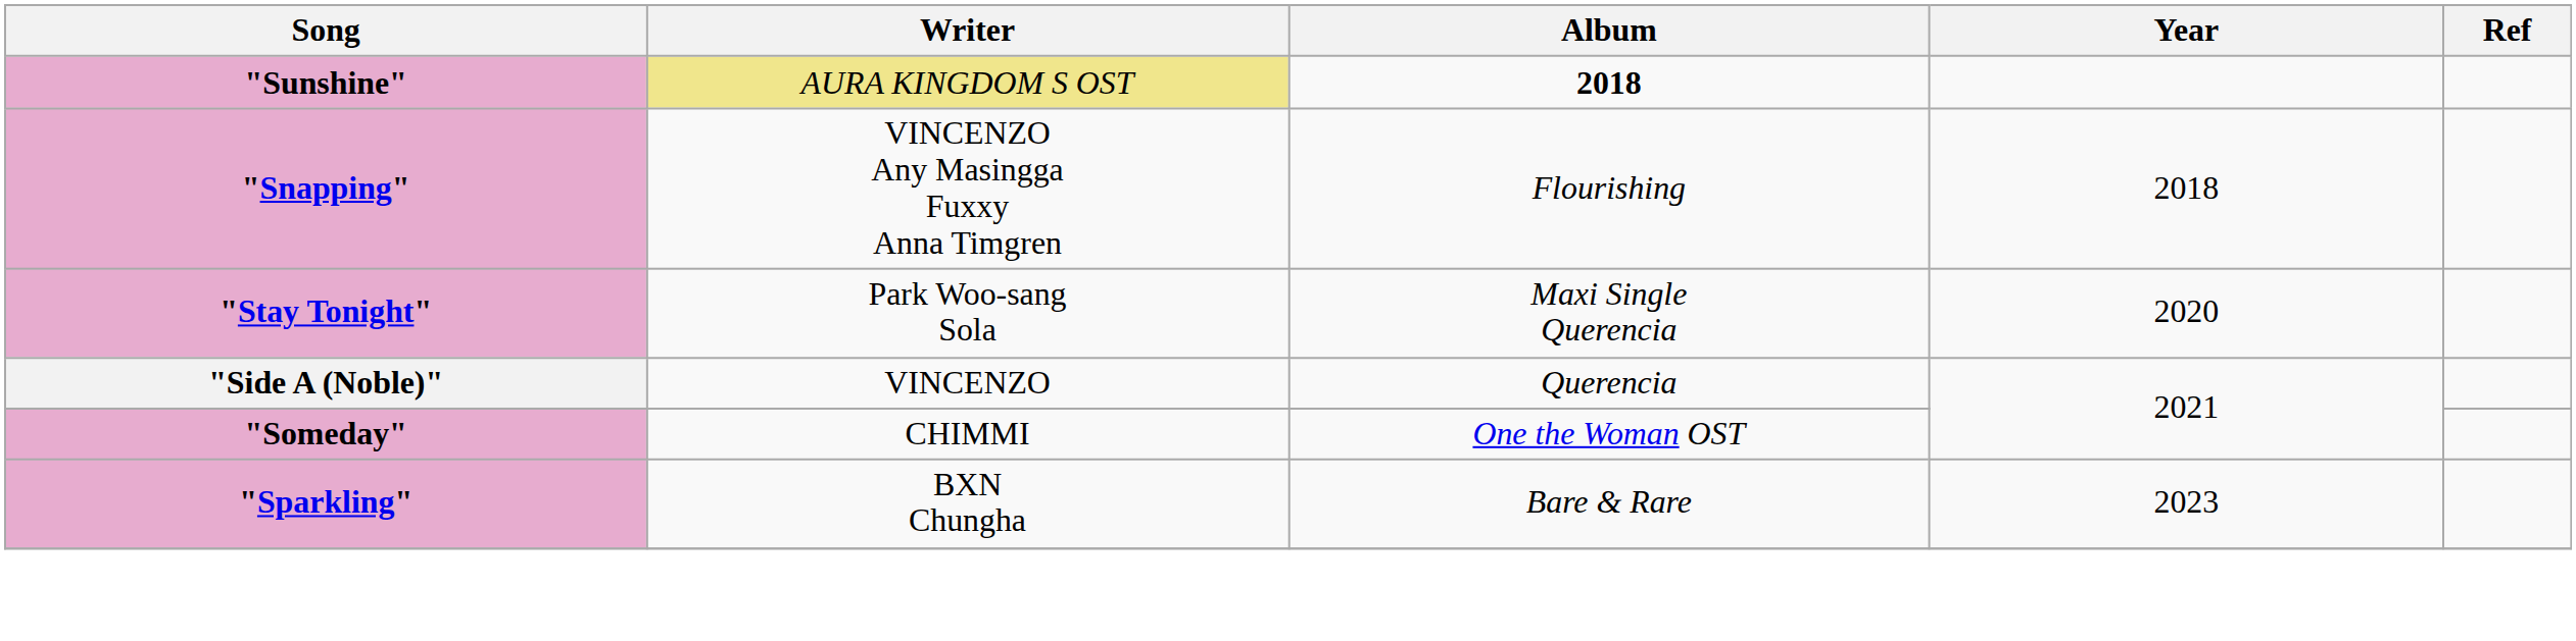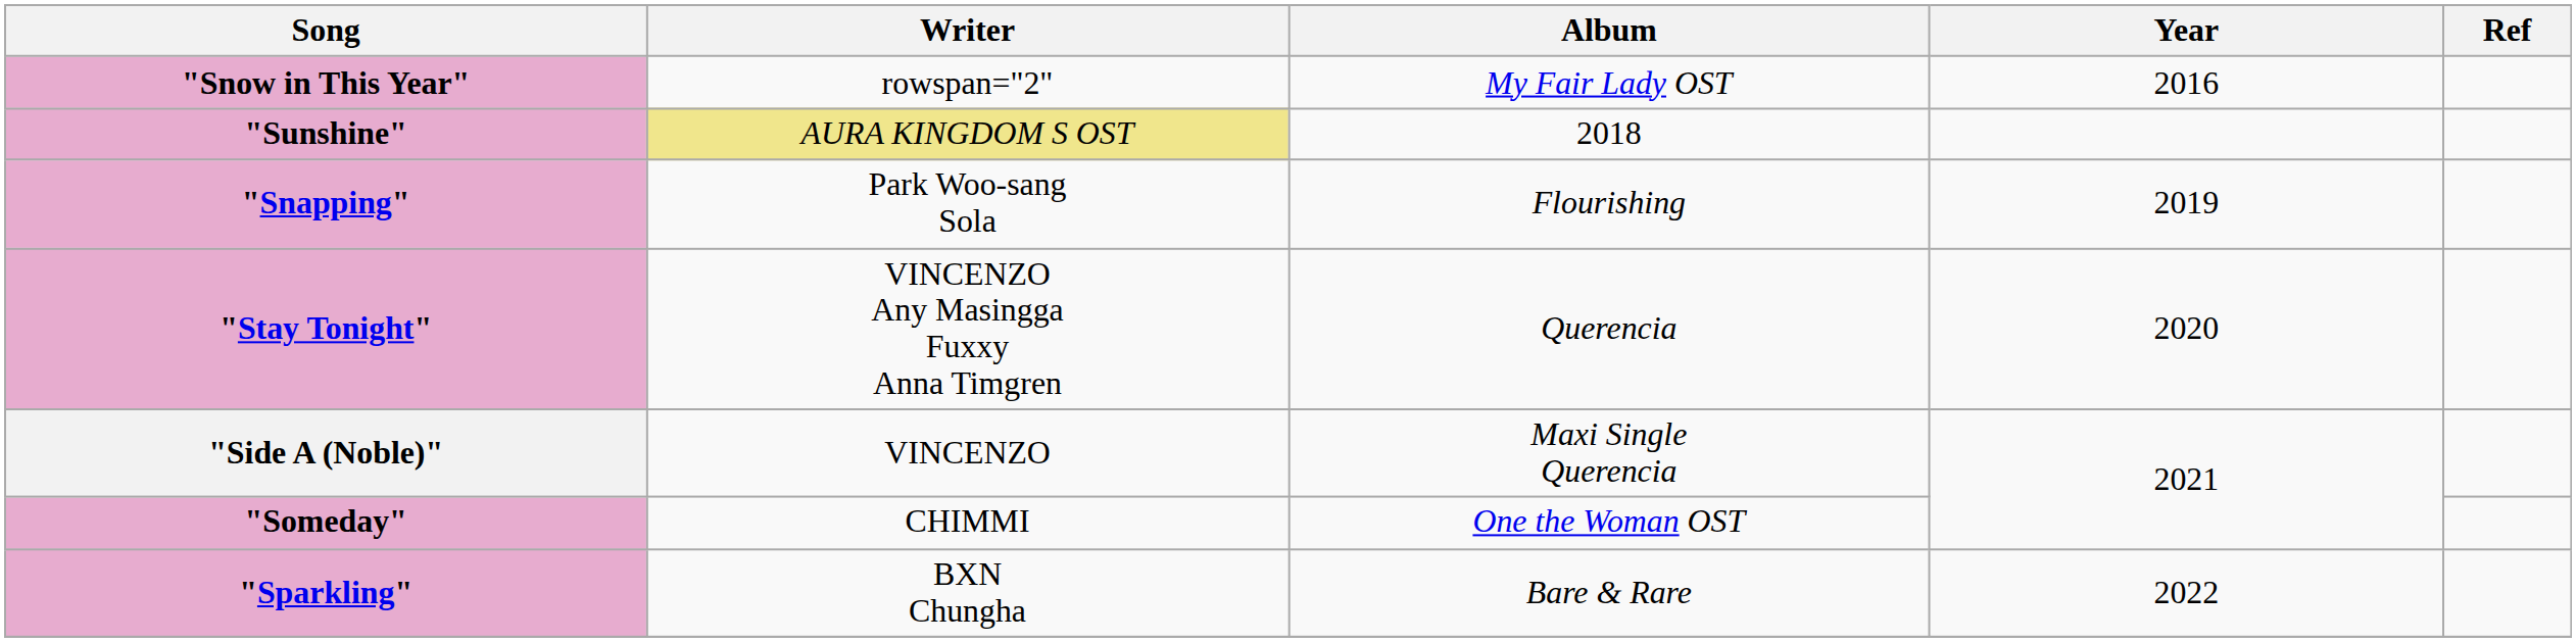 <table class="wikitable" style="text-align:center; width:100%">
 <tr>
 <th style="width:25%">Song</th>
 <th style="width:25%">Writer</th>
 <th style="width:25%">Album</th>
 <th style="width:20%">Year</th>
 <th style="width:5%">Ref</th>
 </tr>
 <tr>
+<th scope="row" style="background-color:#E7ACCF">"Snow in This Year"<br> </th>
+<td>rowspan="2" </td>
+<td><em><a href='#'>My Fair Lady</a>  OST</em></td>
+<td>2016</td>
+<td></td>
+</tr>
+<tr>
 <th scope="row" style="background-color:#E7ACCF">"Sunshine" </th>
 <td style="background: khaki;"><em>AURA KINGDOM S OST</em></td>
-<td><strong>2018</strong></td>
+<td>2018</td>
 <td></td>
 </tr>
 <tr>
 <th scope="row" style="background-color:#E7ACCF">"<a href='#'>Snapping</a>" </th>
-<td>VINCENZO<br>Any Masingga<br>Fuxxy<br>Anna Timgren</td>
+<td>Park Woo-sang<br>Sola</td>
 <td><em>Flourishing</em></td>
-<td>2018</td>
+<td>2019</td>
 <td></td>
 </tr>
 <tr>
 <th scope="row" style="background-color:#E7ACCF">"<a href='#'>Stay Tonight</a>"  </th>
-<td>Park Woo-sang<br>Sola</td>
-<td><em>Maxi Single</em><br> <em>Querencia</em></td>
+<td>VINCENZO<br>Any Masingga<br>Fuxxy<br>Anna Timgren</td>
+<td><em>Querencia</em></td>
 <td>2020</td>
 <td></td>
 </tr>
 <tr>
 <th scope="row">"Side A (Noble)"</th>
 <td>VINCENZO</td>
-<td><em>Querencia</em></td>
+<td><em>Maxi Single</em><br> <em>Querencia</em></td>
 <td rowspan="2">2021</td>
 <td></td>
 </tr>
 <tr>
 <th scope="row" style="background-color:#E7ACCF">"Someday" </th>
 <td>CHIMMI</td>
 <td><em><a href='#'>One the Woman</a> OST</em></td>
 <td></td>
 </tr>
 <tr>
 <th scope="row" style="background-color:#E7ACCF">"<a href='#'>Sparkling</a>" </th>
 <td>BXN<br>Chungha</td>
 <td><em>Bare & Rare</em></td>
-<td>2023</td>
+<td>2022</td>
 <td></td>
 </tr>
 <tr>
 </tr>
 </table>
